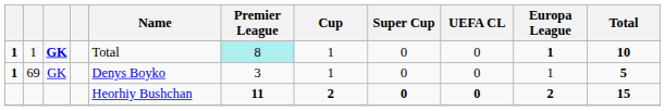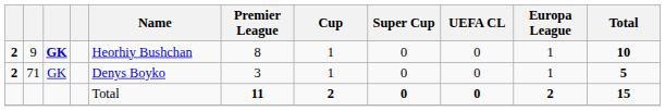 <table class="wikitable" style="text-align:center">
 <tr>
 <th width=15></th>
 <th width=15></th>
 <th width=15></th>
 <th width=15></th>
 <th width=150>Name</th>
 <th width=80>Premier League</th>
 <th width=80>Cup</th>
 <th width=80>Super Cup</th>
 <th width=80>UEFA CL</th>
 <th width=80>Europa League</th>
 <th width=80>Total</th>
 </tr>
 <tr>
-<td><strong>1</strong></td>
-<td>1</td>
+<td><strong>2</strong></td>
+<td>9</td>
 <td><strong><a href='#'>GK</a></strong></td>
 <td></td>
-<td align=left>Total</td>
-<td style="background: paleturquoise;">8</td>
+<td align=left><a href='#'>Heorhiy Bushchan</a></td>
+<td>8</td>
 <td>1</td>
 <td>0</td>
 <td>0</td>
-<td><strong>1</strong></td>
+<td>1</td>
 <td><strong>10</strong></td>
 </tr>
 <tr>
-<td><strong>1</strong></td>
-<td>69</td>
+<td><strong>2</strong></td>
+<td>71</td>
 <td><a href='#'>GK</a></td>
 <td></td>
 <td align=left><a href='#'>Denys Boyko</a></td>
 <td>3</td>
 <td>1</td>
 <td>0</td>
 <td>0</td>
 <td>1</td>
 <td><strong>5</strong></td>
 </tr>
 <tr>
 <td></td>
 <td></td>
 <td></td>
 <td></td>
-<td align=left><a href='#'>Heorhiy Bushchan</a></td>
+<td align=left>Total</td>
 <td><strong>11</strong></td>
 <td><strong>2</strong></td>
 <td><strong>0</strong></td>
 <td><strong>0</strong></td>
 <td><strong>2</strong></td>
 <td><strong>15</strong></td>
 </tr>
 <tr>
 </tr>
 </table>
